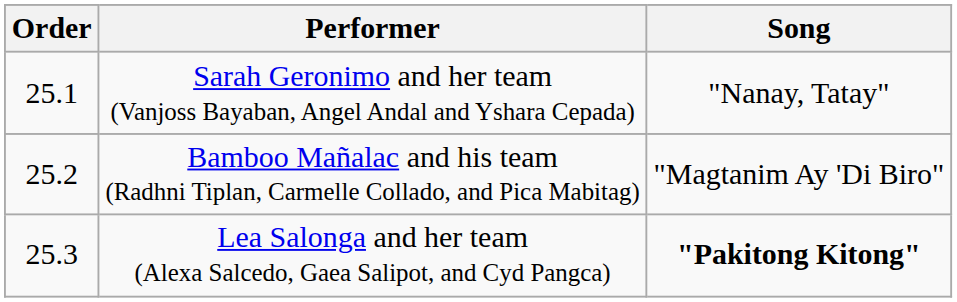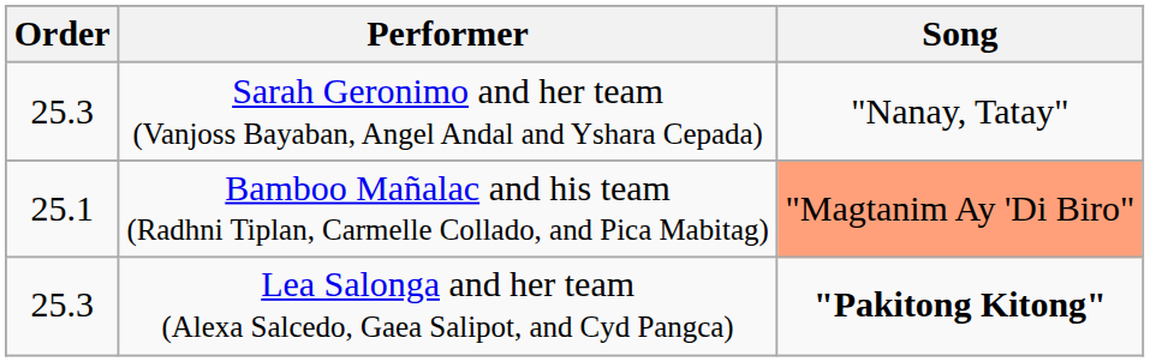 <table class="wikitable" style="text-align:center;">
 <tr>
 <th>Order</th>
 <th>Performer</th>
 <th>Song</th>
 </tr>
 <tr>
-<td>25.1</td>
+<td>25.3</td>
 <td><a href='#'>Sarah Geronimo</a> and her team <br><small>(Vanjoss Bayaban, Angel Andal and Yshara Cepada) </small></td>
 <td>"Nanay, Tatay"</td>
 </tr>
 <tr>
-<td>25.2</td>
+<td>25.1</td>
 <td><a href='#'>Bamboo Mañalac</a> and his team <br><small>(Radhni Tiplan, Carmelle Collado, and Pica Mabitag)</small></td>
-<td>"Magtanim Ay 'Di Biro"</td>
+<td style="background: lightsalmon;">"Magtanim Ay 'Di Biro"</td>
 </tr>
 <tr>
 <td>25.3</td>
 <td><a href='#'>Lea Salonga</a> and her team <br><small>(Alexa Salcedo, Gaea Salipot, and Cyd Pangca) </small></td>
 <td><strong>"Pakitong Kitong"</strong></td>
 </tr>
 </table>
